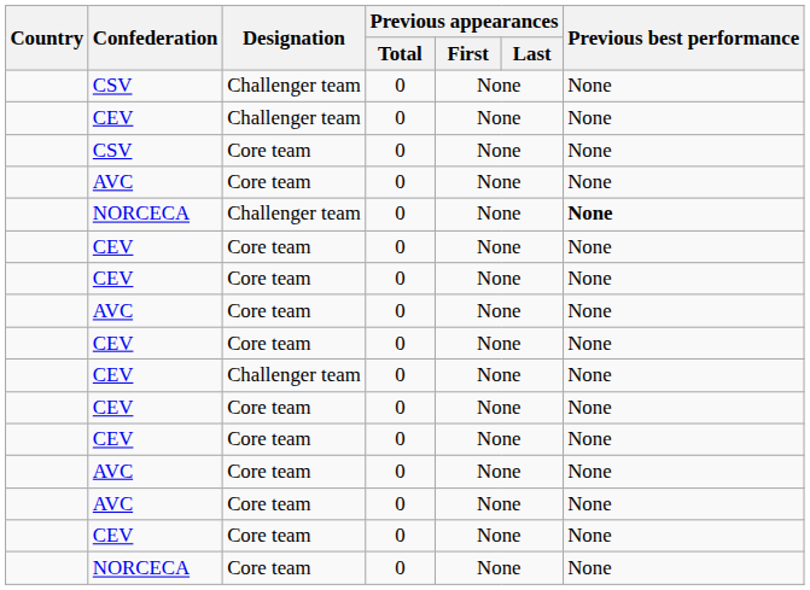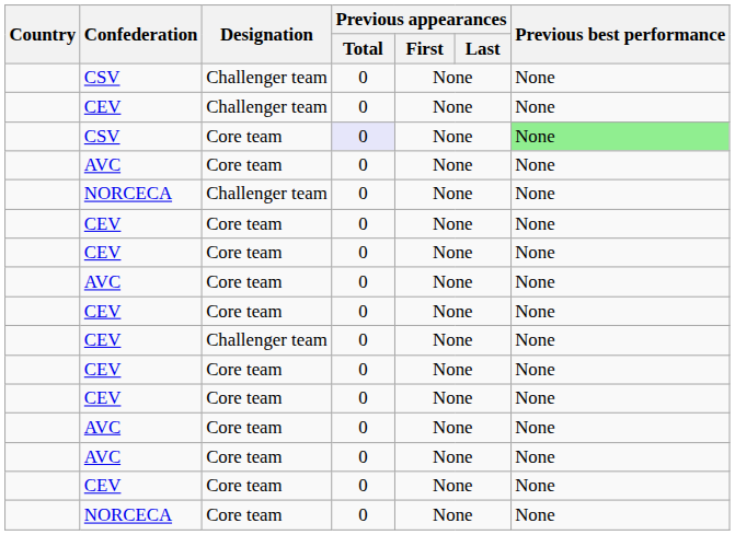 <table class="wikitable sortable">
 <tr>
 <th rowspan=2>Country</th>
 <th rowspan=2>Confederation</th>
 <th rowspan=2>Designation</th>
 <th colspan=3>Previous appearances</th>
 <th rowspan=2>Previous best performance</th>
 </tr>
 <tr>
 <th>Total</th>
 <th>First</th>
 <th>Last</th>
 </tr>
 <tr>
 <td></td>
 <td><a href='#'>CSV</a></td>
 <td>Challenger team</td>
 <td style="text-align:center">0</td>
 <td colspan=2 style="text-align:center">None</td>
 <td>None</td>
 </tr>
 <tr>
 <td></td>
 <td><a href='#'>CEV</a></td>
 <td>Challenger team</td>
 <td style="text-align:center">0</td>
 <td colspan=2 style="text-align:center">None</td>
 <td>None</td>
 </tr>
 <tr>
 <td></td>
 <td><a href='#'>CSV</a></td>
 <td>Core team</td>
-<td style="text-align:center">0</td>
+<td style="background: lavender; text-align:center">0</td>
 <td colspan=2 style="text-align:center">None</td>
-<td>None</td>
+<td style="background: lightgreen;">None</td>
 </tr>
 <tr>
 <td></td>
 <td><a href='#'>AVC</a></td>
 <td>Core team</td>
 <td style="text-align:center">0</td>
 <td colspan=2 style="text-align:center">None</td>
 <td>None</td>
 </tr>
 <tr>
 <td></td>
 <td><a href='#'>NORCECA</a></td>
 <td>Challenger team</td>
 <td style="text-align:center">0</td>
 <td colspan=2 style="text-align:center">None</td>
-<td><strong>None</strong></td>
+<td>None</td>
 </tr>
 <tr>
 <td></td>
 <td><a href='#'>CEV</a></td>
 <td>Core team</td>
 <td style="text-align:center">0</td>
 <td colspan=2 style="text-align:center">None</td>
 <td>None</td>
 </tr>
 <tr>
 <td></td>
 <td><a href='#'>CEV</a></td>
 <td>Core team</td>
 <td style="text-align:center">0</td>
 <td colspan=2 style="text-align:center">None</td>
 <td>None</td>
 </tr>
 <tr>
 <td></td>
 <td><a href='#'>AVC</a></td>
 <td>Core team</td>
 <td style="text-align:center">0</td>
 <td colspan=2 style="text-align:center">None</td>
 <td>None</td>
 </tr>
 <tr>
 <td></td>
 <td><a href='#'>CEV</a></td>
 <td>Core team</td>
 <td style="text-align:center">0</td>
 <td colspan=2 style="text-align:center">None</td>
 <td>None</td>
 </tr>
 <tr>
 <td></td>
 <td><a href='#'>CEV</a></td>
 <td>Challenger team</td>
 <td style="text-align:center">0</td>
 <td colspan=2 style="text-align:center">None</td>
 <td>None</td>
 </tr>
 <tr>
 <td></td>
 <td><a href='#'>CEV</a></td>
 <td>Core team</td>
 <td style="text-align:center">0</td>
 <td colspan=2 style="text-align:center">None</td>
 <td>None</td>
 </tr>
 <tr>
 <td></td>
 <td><a href='#'>CEV</a></td>
 <td>Core team</td>
 <td style="text-align:center">0</td>
 <td colspan=2 style="text-align:center">None</td>
 <td>None</td>
 </tr>
 <tr>
 <td></td>
 <td><a href='#'>AVC</a></td>
 <td>Core team</td>
 <td style="text-align:center">0</td>
 <td colspan=2 style="text-align:center">None</td>
 <td>None</td>
 </tr>
 <tr>
 <td></td>
 <td><a href='#'>AVC</a></td>
 <td>Core team</td>
 <td style="text-align:center">0</td>
 <td colspan=2 style="text-align:center">None</td>
 <td>None</td>
 </tr>
 <tr>
 <td></td>
 <td><a href='#'>CEV</a></td>
 <td>Core team</td>
 <td style="text-align:center">0</td>
 <td colspan=2 style="text-align:center">None</td>
 <td>None</td>
 </tr>
 <tr>
 <td></td>
 <td><a href='#'>NORCECA</a></td>
 <td>Core team</td>
 <td style="text-align:center">0</td>
 <td colspan=2 style="text-align:center">None</td>
 <td>None</td>
 </tr>
 </table>
